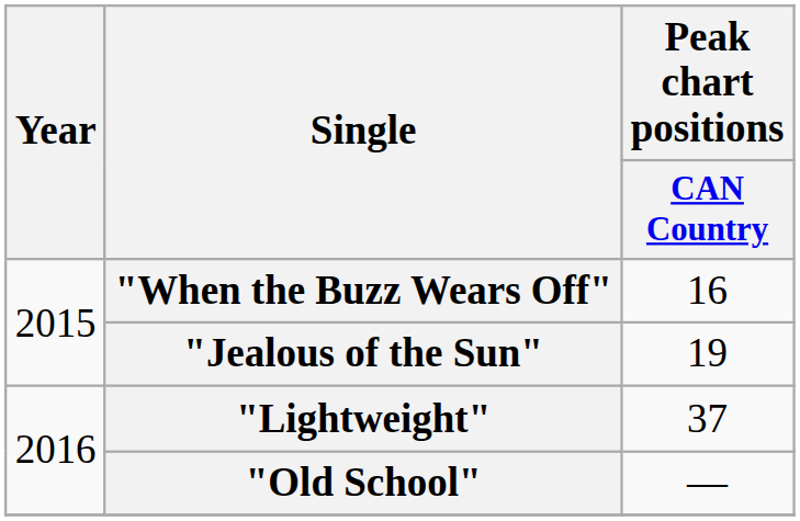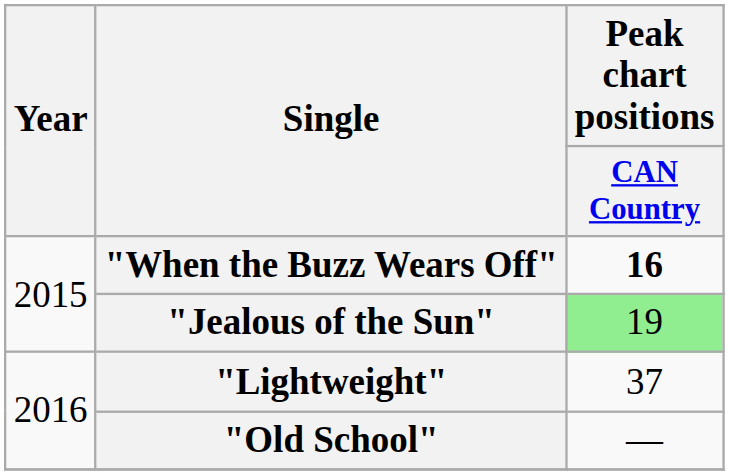 <table class="wikitable plainrowheaders" style="text-align:center;">
 <tr>
 <th rowspan="2">Year</th>
 <th rowspan="2">Single</th>
 <th>Peak chart<br>positions</th>
 </tr>
 <tr style="font-size:smaller;">
 <th width="45"><a href='#'>CAN Country</a><br></th>
 </tr>
 <tr>
 <td rowspan="2">2015</td>
 <th scope="row">"When the Buzz Wears Off"</th>
-<td>16</td>
+<td><strong>16</strong></td>
 </tr>
 <tr>
 <th scope="row">"Jealous of the Sun"</th>
-<td>19</td>
+<td style="background: lightgreen;">19</td>
 </tr>
 <tr>
 <td rowspan="2">2016</td>
 <th scope="row">"Lightweight"</th>
 <td>37</td>
 </tr>
 <tr>
 <th scope="row">"Old School"</th>
 <td>—</td>
 </tr>
 <tr>
 </tr>
 </table>
